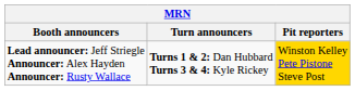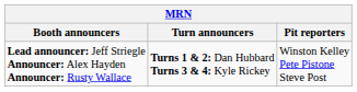 <table class="wikitable" style="font-size: 95%;">
 <tr>
 <th colspan="3"><a href='#'>MRN</a></th>
 </tr>
 <tr>
 <th>Booth announcers</th>
 <th>Turn announcers</th>
 <th>Pit reporters</th>
 </tr>
 <tr>
 <td><strong>Lead announcer:</strong> Jeff Striegle<br><strong>Announcer:</strong> Alex Hayden<br><strong>Announcer:</strong> <a href='#'>Rusty Wallace</a></td>
 <td><strong>Turns 1 & 2:</strong> Dan Hubbard<br><strong>Turns 3 & 4:</strong> Kyle Rickey</td>
-<td style="background: gold;">Winston Kelley<br><a href='#'>Pete Pistone</a><br>Steve Post</td>
+<td>Winston Kelley<br><a href='#'>Pete Pistone</a><br>Steve Post</td>
 </tr>
 </table>
